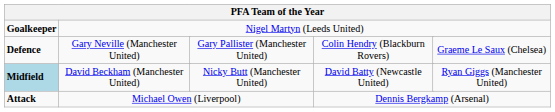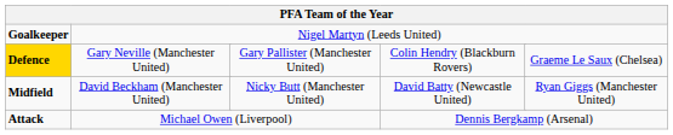 <table class="wikitable">
 <tr>
 <th colspan="13">PFA Team of the Year</th>
 </tr>
 <tr>
 <td><strong>Goalkeeper</strong></td>
 <td colspan="12" align="center"> <a href='#'>Nigel Martyn</a> (Leeds United)</td>
 </tr>
 <tr>
-<td><strong>Defence</strong></td>
+<td style="background: gold;"><strong>Defence</strong></td>
 <td colspan="3" align="center"> <a href='#'>Gary Neville</a> (Manchester United)</td>
 <td colspan="3" align="center"> <a href='#'>Gary Pallister</a> (Manchester United)</td>
 <td colspan="3" align="center"> <a href='#'>Colin Hendry</a> (Blackburn Rovers)</td>
 <td colspan="3" align="center"> <a href='#'>Graeme Le Saux</a> (Chelsea)</td>
 </tr>
 <tr>
-<td style="background: lightblue;"><strong>Midfield</strong></td>
+<td><strong>Midfield</strong></td>
 <td colspan="3" align="center"> <a href='#'>David Beckham</a> (Manchester United)</td>
 <td colspan="3" align="center"> <a href='#'>Nicky Butt</a> (Manchester United)</td>
 <td colspan="3" align="center"> <a href='#'>David Batty</a> (Newcastle United)</td>
 <td colspan="3" align="center"> <a href='#'>Ryan Giggs</a> (Manchester United)</td>
 </tr>
 <tr>
 <td><strong>Attack</strong></td>
 <td colspan="6" align="center"> <a href='#'>Michael Owen</a> (Liverpool)</td>
 <td colspan="6" align="center"> <a href='#'>Dennis Bergkamp</a> (Arsenal)</td>
 </tr>
 </table>
